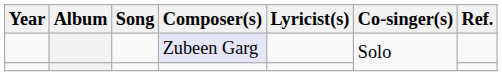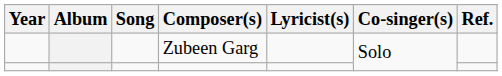 <table class="wikitable plainrowheaders">
 <tr>
 <th scope="col">Year</th>
 <th scope="col">Album</th>
 <th scope="col">Song</th>
 <th scope="col">Composer(s)</th>
 <th>Lyricist(s)</th>
 <th scope="col">Co-singer(s)</th>
 <th scope="col">Ref.</th>
 </tr>
 <tr>
 <td></td>
 <th scope="row"></th>
 <td></td>
-<td style="background: lavender;">Zubeen Garg</td>
+<td>Zubeen Garg</td>
 <td></td>
 <td rowspan="2">Solo</td>
 <td></td>
 </tr>
 <tr>
 <td></td>
 <th></th>
 <td></td>
 <td></td>
 <td></td>
 <td></td>
 </tr>
 </table>
